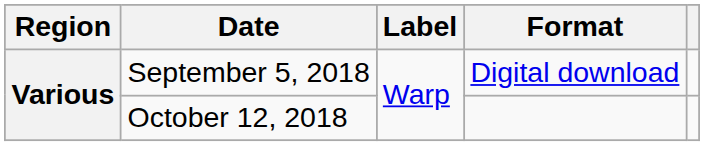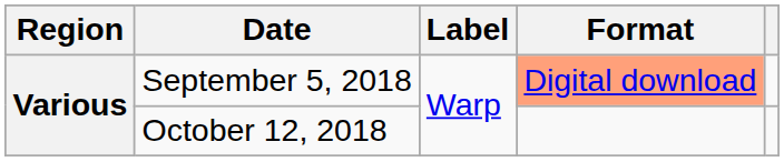 <table class="wikitable plainrowheaders">
 <tr>
 <th scope="col">Region</th>
 <th scope="col">Date</th>
 <th scope="col">Label</th>
 <th scope="col">Format</th>
 <th scope="col"></th>
 </tr>
 <tr>
 <th scope="row" rowspan="2">Various</th>
 <td>September 5, 2018</td>
 <td rowspan="2"><a href='#'>Warp</a></td>
-<td><a href='#'>Digital download</a></td>
+<td style="background: lightsalmon;"><a href='#'>Digital download</a></td>
 <td></td>
 </tr>
 <tr>
 <td>October 12, 2018</td>
 <td></td>
 <td></td>
 </tr>
 </table>
